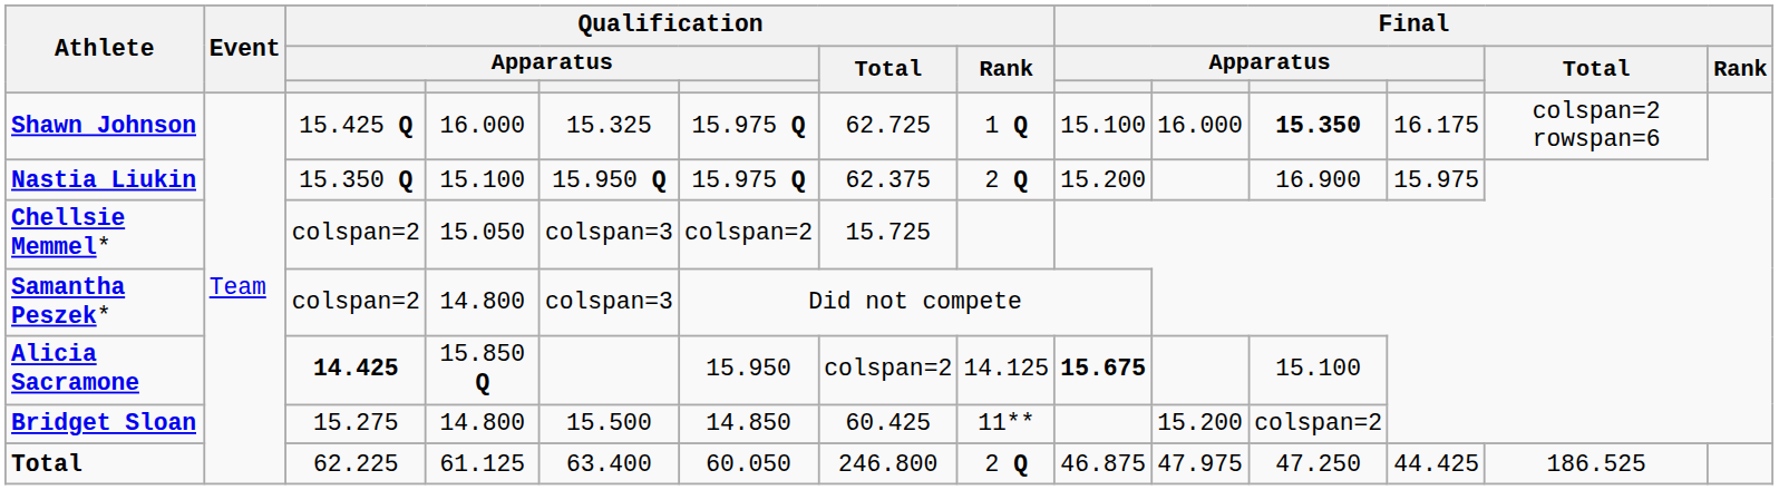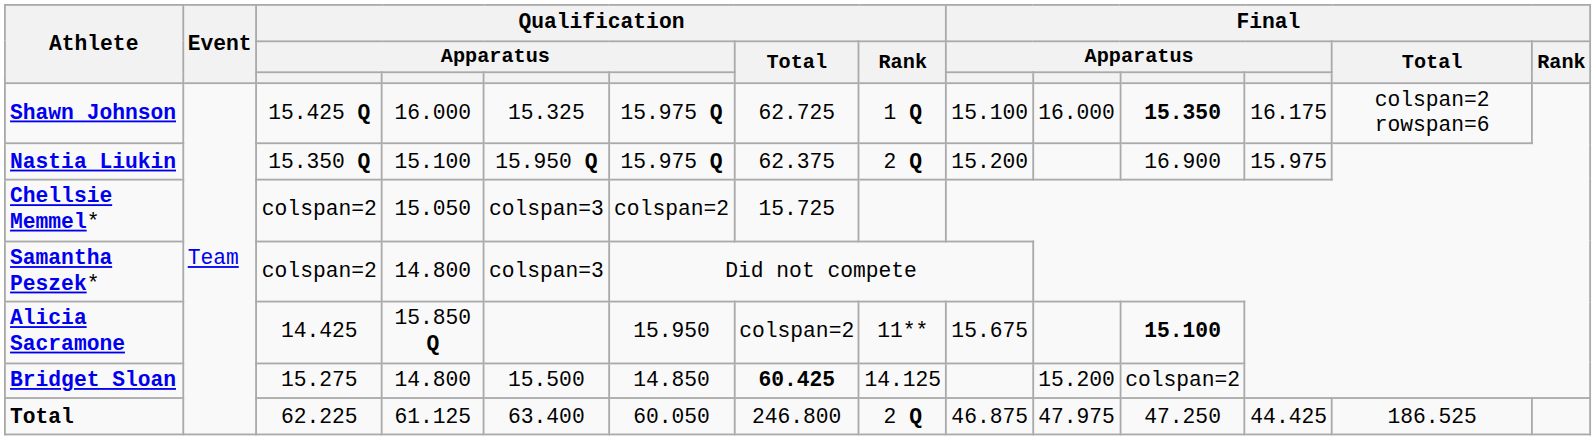 <table class=wikitable style=font-size:90%;text-align:center>
 <tr>
 <th rowspan=3>Athlete</th>
 <th rowspan=3>Event</th>
 <th colspan=6>Qualification</th>
 <th colspan=6>Final</th>
 </tr>
 <tr style=font-size:95%>
 <th colspan=4>Apparatus</th>
 <th rowspan=2>Total</th>
 <th rowspan=2>Rank</th>
 <th colspan=4>Apparatus</th>
 <th rowspan=2>Total</th>
 <th rowspan=2>Rank</th>
 </tr>
 <tr style=font-size:95%>
 <th></th>
 <th></th>
 <th></th>
 <th></th>
 <th></th>
 <th></th>
 <th></th>
 <th></th>
 </tr>
 <tr>
 <td align=left><strong><a href='#'>Shawn Johnson</a></strong></td>
 <td rowspan=7 align=left><a href='#'>Team</a></td>
 <td>15.425 <strong>Q</strong></td>
 <td>16.000</td>
 <td>15.325</td>
 <td>15.975 <strong>Q</strong></td>
 <td>62.725</td>
 <td>1 <strong>Q</strong></td>
 <td>15.100</td>
 <td>16.000</td>
 <td><strong>15.350</strong></td>
 <td>16.175</td>
 <td>colspan=2 rowspan=6 </td>
 </tr>
 <tr>
 <td align=left><strong><a href='#'>Nastia Liukin</a></strong></td>
 <td>15.350 <strong>Q</strong></td>
 <td>15.100</td>
 <td>15.950 <strong>Q</strong></td>
 <td>15.975 <strong>Q</strong></td>
 <td>62.375</td>
 <td>2 <strong>Q</strong></td>
 <td>15.200</td>
 <td></td>
 <td>16.900</td>
 <td>15.975</td>
 </tr>
 <tr>
 <td align=left><strong><a href='#'>Chellsie Memmel</a></strong>*</td>
 <td>colspan=2 </td>
 <td>15.050</td>
 <td>colspan=3 </td>
 <td>colspan=2 </td>
 <td>15.725</td>
 <td></td>
 </tr>
 <tr>
 <td align=left><strong><a href='#'>Samantha Peszek</a></strong>*</td>
 <td>colspan=2 </td>
 <td>14.800</td>
 <td>colspan=3 </td>
 <td colspan=4>Did not compete</td>
 </tr>
 <tr>
 <td align=left><strong><a href='#'>Alicia Sacramone</a></strong></td>
-<td><strong>14.425</strong></td>
+<td>14.425</td>
 <td>15.850 <strong>Q</strong></td>
 <td></td>
 <td>15.950</td>
 <td>colspan=2 </td>
-<td>14.125</td>
-<td><strong>15.675</strong></td>
+<td>11**</td>
+<td>15.675</td>
 <td></td>
-<td>15.100</td>
+<td><strong>15.100</strong></td>
 </tr>
 <tr>
 <td align=left><strong><a href='#'>Bridget Sloan</a></strong></td>
 <td>15.275</td>
 <td>14.800</td>
 <td>15.500</td>
 <td>14.850</td>
-<td>60.425</td>
-<td>11**</td>
+<td><strong>60.425</strong></td>
+<td>14.125</td>
 <td></td>
 <td>15.200</td>
 <td>colspan=2 </td>
 </tr>
 <tr>
 <td align=left><strong>Total</strong></td>
 <td>62.225</td>
 <td>61.125</td>
 <td>63.400</td>
 <td>60.050</td>
 <td>246.800</td>
 <td>2 <strong>Q</strong></td>
 <td>46.875</td>
 <td>47.975</td>
 <td>47.250</td>
 <td>44.425</td>
 <td>186.525</td>
 <td></td>
 </tr>
 </table>
